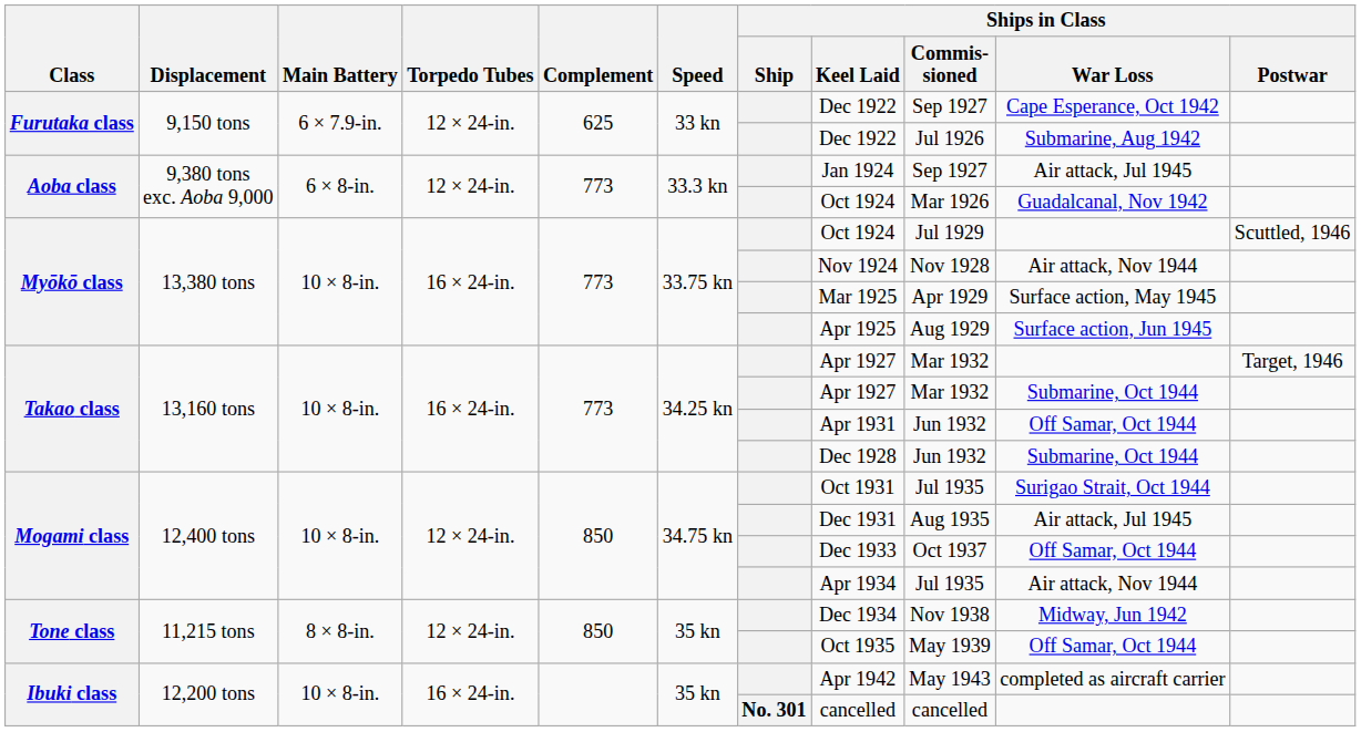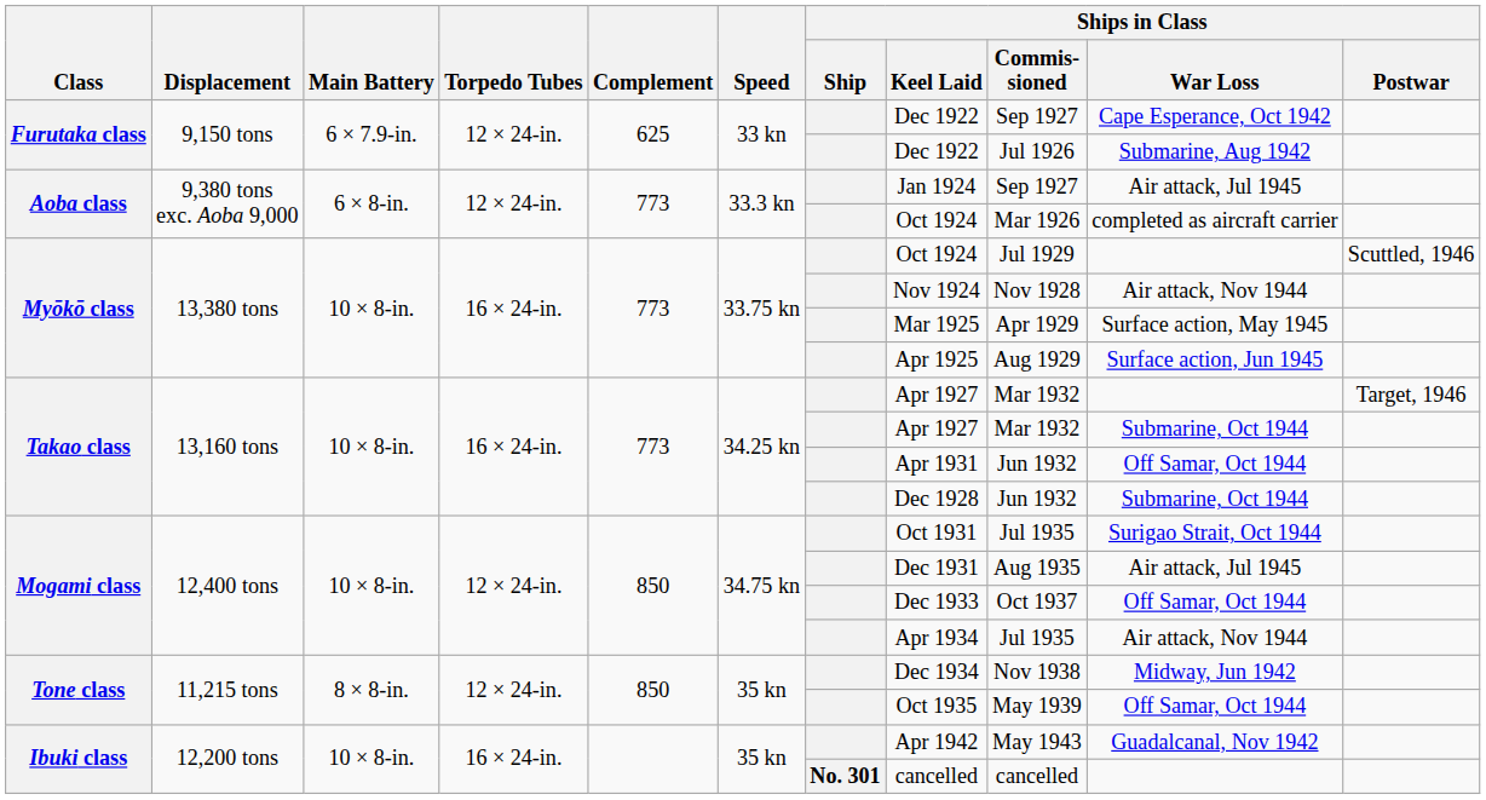 <table class="wikitable plainrowheaders" style="text-align: center;">
 <tr valign="bottom">
 <th scope="col" rowspan="2">Class</th>
 <th scope="col" rowspan="2">Displacement</th>
 <th scope="col" rowspan="2">Main Battery</th>
 <th scope="col" rowspan="2">Torpedo Tubes</th>
 <th scope="col" rowspan="2">Complement</th>
 <th scope="col" rowspan="2">Speed</th>
 <th scope="col" colspan="5">Ships in Class</th>
 </tr>
 <tr valign="bottom">
 <th scope="col">Ship</th>
 <th scope="col">Keel Laid</th>
 <th scope="col">Commis-<br>sioned</th>
 <th scope="col">War Loss</th>
 <th scope="col">Postwar</th>
 </tr>
 <tr>
 <th scope="row" rowspan="2"><a href='#'><em>Furutaka</em> class</a></th>
 <td scope="row" rowspan="2" style="text-align: center">9,150 tons</td>
 <td scope="row" rowspan="2" style="text-align: center">6 × 7.9-in.</td>
 <td scope="row" rowspan="2" style="text-align: center">12 × 24-in.</td>
 <td scope="row" rowspan="2" style="text-align: center">625</td>
 <td scope="row" rowspan="2" style="text-align: center">33 kn</td>
 <th scope="row"></th>
 <td scope="row" style="text-align: center">Dec 1922</td>
 <td ! scope="row" style="text-align: center">Sep 1927</td>
 <td scope="row" style="text-align: center"><a href='#'>Cape Esperance, Oct 1942</a></td>
 <td scope="row"></td>
 </tr>
 <tr>
 <th scope="row"></th>
 <td scope="row" style="text-align: center">Dec 1922</td>
 <td scope="row" style="text-align: center">Jul 1926</td>
 <td scope="row" style="text-align: center"><a href='#'>Submarine, Aug 1942</a></td>
 <td scope="row"></td>
 </tr>
 <tr>
 <th scope="row" rowspan="2"><a href='#'><em>Aoba</em> class</a></th>
 <td ! scope="row" rowspan="2" style="text-align: center">9,380 tons<br>exc. <em>Aoba</em> 9,000</td>
 <td ! scope="row" rowspan="2" style="text-align: center">6 × 8-in.</td>
 <td ! scope="row" rowspan="2" style="text-align: center">12 × 24-in.</td>
 <td ! scope="row" rowspan="2" style="text-align: center">773</td>
 <td ! scope="row" rowspan="2" style="text-align: center">33.3 kn</td>
 <th scope="row"></th>
 <td ! scope="row" style="text-align: center">Jan 1924</td>
 <td ! scope="row" style="text-align: center">Sep 1927</td>
 <td ! scope="row" style="text-align: center">Air attack, Jul 1945</td>
 <td ! scope="row"></td>
 </tr>
 <tr>
 <th scope="row"></th>
 <td ! scope="row" style="text-align: center">Oct 1924</td>
 <td scope="row" style="text-align: center">Mar 1926</td>
-<td ! scope="row" style="text-align: center"><a href='#'>Guadalcanal, Nov 1942</a></td>
+<td scope="row" style="text-align: center">completed as aircraft carrier</td>
 <td ! scope="row"></td>
 </tr>
 <tr>
 <th scope="row" rowspan="4"><a href='#'><em>Myōkō</em> class</a></th>
 <td scope="row" rowspan="4" style="text-align: center">13,380 tons</td>
 <td scope="row" rowspan="4" style="text-align: center">10 × 8-in.</td>
 <td scope="row" rowspan="4" style="text-align: center">16 × 24-in.</td>
 <td scope="row" rowspan="4" style="text-align: center">773</td>
 <td scope="row" rowspan="4" style="text-align: center">33.75 kn</td>
 <th scope="row"></th>
 <td scope="row" style="text-align: center">Oct 1924</td>
 <td scope="row" style="text-align: center">Jul 1929</td>
 <td scope="row"></td>
 <td scope="row" style="text-align: center">Scuttled, 1946</td>
 </tr>
 <tr>
 <th scope="row"></th>
 <td scope="row" style="text-align: center">Nov 1924</td>
 <td scope="row" style="text-align: center">Nov 1928</td>
 <td scope="row" style="text-align: center">Air attack, Nov 1944</td>
 <td scope="row"></td>
 </tr>
 <tr>
 <th scope="row"></th>
 <td scope="row" style="text-align: center">Mar 1925</td>
 <td scope="row" style="text-align: center">Apr 1929</td>
 <td scope="row" style="text-align: center">Surface action, May 1945</td>
 <td scope="row"></td>
 </tr>
 <tr>
 <th scope="row"></th>
 <td scope="row" style="text-align: center">Apr 1925</td>
 <td scope="row" style="text-align: center">Aug 1929</td>
 <td scope="row" style="text-align: center"><a href='#'>Surface action, Jun 1945</a></td>
 <td scope="row"></td>
 </tr>
 <tr>
 <th scope="row" rowspan="4"><a href='#'><em>Takao</em> class</a></th>
 <td scope="row" rowspan="4" style="text-align: center">13,160 tons</td>
 <td scope="row" rowspan="4" style="text-align: center">10 × 8-in.</td>
 <td scope="row" rowspan="4" style="text-align: center">16 × 24-in.</td>
 <td scope="row" rowspan="4" style="text-align: center">773</td>
 <td scope="row" rowspan="4" style="text-align: center">34.25 kn</td>
 <th scope="row"></th>
 <td scope="row" style="text-align: center">Apr 1927</td>
 <td scope="row" style="text-align: center">Mar 1932</td>
 <td scope="row"></td>
 <td scope="row" style="text-align: center">Target, 1946</td>
 </tr>
 <tr>
 <th scope="row"></th>
 <td scope="row" style="text-align: center">Apr 1927</td>
 <td scope="row" style="text-align: center">Mar 1932</td>
 <td scope="row" style="text-align: center"><a href='#'>Submarine, Oct 1944</a></td>
 <td scope="row"></td>
 </tr>
 <tr>
 <th scope="row"></th>
 <td scope="row" style="text-align: center">Apr 1931</td>
 <td scope="row" style="text-align: center">Jun 1932</td>
 <td scope="row" style="text-align: center"><a href='#'>Off Samar, Oct 1944</a></td>
 <td scope="row"></td>
 </tr>
 <tr>
 <th scope="row"></th>
 <td scope="row" style="text-align: center">Dec 1928</td>
 <td scope="row" style="text-align: center">Jun 1932</td>
 <td scope="row" style="text-align: center"><a href='#'>Submarine, Oct 1944</a></td>
 <td scope="row"></td>
 </tr>
 <tr>
 <th scope="row" rowspan="4"><a href='#'><em>Mogami</em> class</a></th>
 <td scope="row" rowspan="4" style="text-align: center">12,400 tons</td>
 <td scope="row" rowspan="4" style="text-align: center">10 × 8-in.</td>
 <td scope="row" rowspan="4" style="text-align: center">12 × 24-in.</td>
 <td scope="row" rowspan="4" style="text-align: center">850</td>
 <td scope="row" rowspan="4" style="text-align: center">34.75 kn</td>
 <th scope="row"></th>
 <td scope="row" style="text-align: center">Oct 1931</td>
 <td scope="row" style="text-align: center">Jul 1935</td>
 <td scope="row" style="text-align: center"><a href='#'>Surigao Strait, Oct 1944</a></td>
 <td scope="row"></td>
 </tr>
 <tr>
 <th scope="row"></th>
 <td scope="row" style="text-align: center">Dec 1931</td>
 <td scope="row" style="text-align: center">Aug 1935</td>
 <td scope="row" style="text-align: center">Air attack, Jul 1945</td>
 <td scope="row"></td>
 </tr>
 <tr>
 <th scope="row"></th>
 <td scope="row" style="text-align: center">Dec 1933</td>
 <td scope="row" style="text-align: center">Oct 1937</td>
 <td scope="row" style="text-align: center"><a href='#'>Off Samar, Oct 1944</a></td>
 <td scope="row"></td>
 </tr>
 <tr>
 <th scope="row"></th>
 <td scope="row" style="text-align: center">Apr 1934</td>
 <td scope="row" style="text-align: center">Jul 1935</td>
 <td scope="row" style="text-align: center">Air attack, Nov 1944</td>
 <td scope="row"></td>
 </tr>
 <tr>
 <th scope="row" rowspan="2"><a href='#'><em>Tone</em> class</a></th>
 <td scope="row" rowspan="2" style="text-align: center">11,215 tons</td>
 <td scope="row" rowspan="2" style="text-align: center">8 × 8-in.</td>
 <td scope="row" rowspan="2" style="text-align: center">12 × 24-in.</td>
 <td scope="row" rowspan="2" style="text-align: center">850</td>
 <td scope="row" rowspan="2" style="text-align: center">35 kn</td>
 <th scope="row"></th>
 <td scope="row" style="text-align: center">Dec 1934</td>
 <td scope="row" style="text-align: center">Nov 1938</td>
 <td scope="row" style="text-align: center"><a href='#'>Midway, Jun 1942</a></td>
 <td scope="row"></td>
 </tr>
 <tr>
 <th scope="row"></th>
 <td scope="row" style="text-align: center">Oct 1935</td>
 <td scope="row" style="text-align: center">May 1939</td>
 <td scope="row" style="text-align: center"><a href='#'>Off Samar, Oct 1944</a></td>
 <td scope="row"></td>
 </tr>
 <tr>
 <th scope="row" rowspan="2"><a href='#'><em>Ibuki</em> class</a></th>
 <td scope="row" rowspan="2" style="text-align: center">12,200 tons</td>
 <td scope="row" rowspan="2" style="text-align: center">10 × 8-in.</td>
 <td scope="row" rowspan="2" style="text-align: center">16 × 24-in.</td>
 <td scope="row" rowspan="2" style="text-align: center"></td>
 <td scope="row" rowspan="2" style="text-align: center">35 kn</td>
 <th scope="row"></th>
 <td scope="row" style="text-align: center">Apr 1942</td>
 <td scope="row" style="text-align: center">May 1943</td>
-<td scope="row" style="text-align: center">completed as aircraft carrier</td>
+<td ! scope="row" style="text-align: center"><a href='#'>Guadalcanal, Nov 1942</a></td>
 <td scope="row"></td>
 </tr>
 <tr>
 <th scope="row">No. 301</th>
 <td scope="row" style="text-align: center">cancelled</td>
 <td scope="row" style="text-align: center">cancelled</td>
 <td scope="row" style="text-align: center"></td>
 <td scope="row"></td>
 </tr>
 </table>
